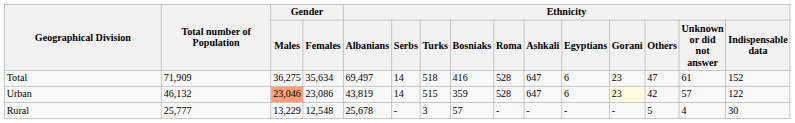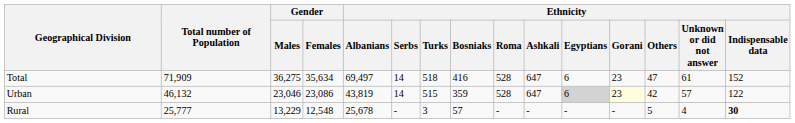 <table class="wikitable">
 <tr>
 <th rowspan=2 width="20%">Geographical Division</th>
 <th rowspan=2>Total number of Population</th>
 <th colspan=2>Gender</th>
 <th colspan=12>Ethnicity</th>
 </tr>
 <tr>
 <th>Males</th>
 <th>Females</th>
 <th>Albanians</th>
 <th>Serbs</th>
 <th>Turks</th>
 <th>Bosniaks</th>
 <th>Roma</th>
 <th>Ashkali</th>
 <th>Egyptians</th>
 <th>Gorani</th>
 <th>Others</th>
 <th width="5%">Unknown or did not answer</th>
 <th width="5%">Indispensable data</th>
 </tr>
 <tr>
 <td>Total</td>
 <td>71,909</td>
 <td>36,275</td>
 <td>35,634</td>
 <td>69,497</td>
 <td>14</td>
 <td>518</td>
 <td>416</td>
 <td>528</td>
 <td>647</td>
 <td>6</td>
 <td>23</td>
 <td>47</td>
 <td>61</td>
 <td>152</td>
 </tr>
 <tr>
 <td>Urban</td>
 <td>46,132</td>
-<td style="background: lightsalmon;">23,046</td>
+<td>23,046</td>
 <td>23,086</td>
 <td>43,819</td>
 <td>14</td>
 <td>515</td>
 <td>359</td>
 <td>528</td>
 <td>647</td>
-<td>6</td>
+<td style="background: lightgrey;">6</td>
 <td style="background: lightyellow;">23</td>
 <td>42</td>
 <td>57</td>
 <td>122</td>
 </tr>
 <tr>
 <td>Rural</td>
 <td>25,777</td>
 <td>13,229</td>
 <td>12,548</td>
 <td>25,678</td>
 <td>-</td>
 <td>3</td>
 <td>57</td>
 <td>-</td>
 <td>-</td>
 <td>-</td>
 <td>-</td>
 <td>5</td>
 <td>4</td>
-<td>30</td>
+<td><strong>30</strong></td>
 </tr>
 </table>
